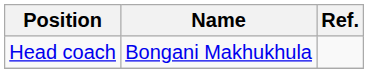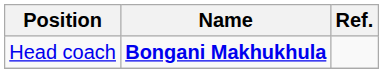 <table class="wikitable">
 <tr>
 <th>Position</th>
 <th>Name</th>
 <th>Ref.</th>
 </tr>
 <tr>
 <td><a href='#'>Head coach</a></td>
-<td><a href='#'>Bongani Makhukhula</a></td>
+<td><strong><a href='#'>Bongani Makhukhula</a></strong></td>
 <td></td>
 </tr>
 <tr>
 </tr>
 </table>
